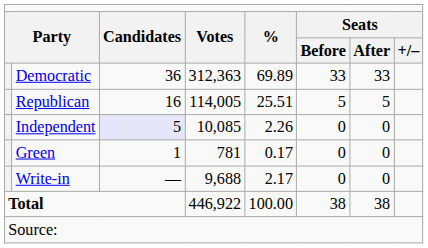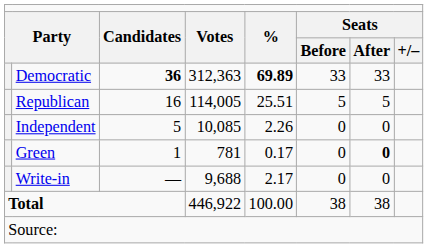 <table class="wikitable">
 <tr>
 <td colspan=13 align=center></td>
 </tr>
 <tr>
 <th rowspan="2" colspan="2">Party</th>
 <th rowspan="2">Candidates</th>
 <th rowspan="2">Votes</th>
 <th rowspan="2">%</th>
 <th colspan="3">Seats</th>
 </tr>
 <tr>
 <th>Before</th>
 <th>After</th>
 <th>+/–</th>
 </tr>
 <tr>
 <th style="background-color:"></th>
 <td><a href='#'>Democratic</a></td>
-<td align="right">36</td>
+<td align="right"><strong>36</strong></td>
 <td align="right">312,363</td>
-<td align="right">69.89</td>
+<td align="right"><strong>69.89</strong></td>
 <td align="right">33</td>
 <td align="right">33</td>
 <td align="right"></td>
 </tr>
 <tr>
 <th style="background-color:"></th>
 <td><a href='#'>Republican</a></td>
 <td align="right">16</td>
 <td align="right">114,005</td>
 <td align="right">25.51</td>
 <td align="right">5</td>
 <td align="right">5</td>
 <td align="right"></td>
 </tr>
 <tr>
 <th style="background-color:"></th>
 <td><a href='#'>Independent</a></td>
-<td align="right" style="background: lavender;">5</td>
+<td align="right">5</td>
 <td align="right">10,085</td>
 <td align="right">2.26</td>
 <td align="right">0</td>
 <td align="right">0</td>
 <td align="right"></td>
 </tr>
 <tr>
 <th style="background-color:"></th>
 <td><a href='#'>Green</a></td>
 <td align="right">1</td>
 <td align="right">781</td>
 <td align="right">0.17</td>
 <td align="right">0</td>
-<td align="right">0</td>
+<td align="right"><strong>0</strong></td>
 <td align="right"></td>
 </tr>
 <tr>
 <th style="background-color:"></th>
 <td><a href='#'>Write-in</a></td>
 <td align="right">—</td>
 <td align="right">9,688</td>
 <td align="right">2.17</td>
 <td align="right">0</td>
 <td align="right">0</td>
 <td align="right"></td>
 </tr>
 <tr>
 <td colspan="3" align="left"><strong>Total</strong></td>
 <td align="right">446,922</td>
 <td align="right">100.00</td>
 <td align="right">38</td>
 <td align="right">38</td>
 <td align="right"></td>
 </tr>
 <tr>
 <td colspan="10">Source:</td>
 </tr>
 </table>
